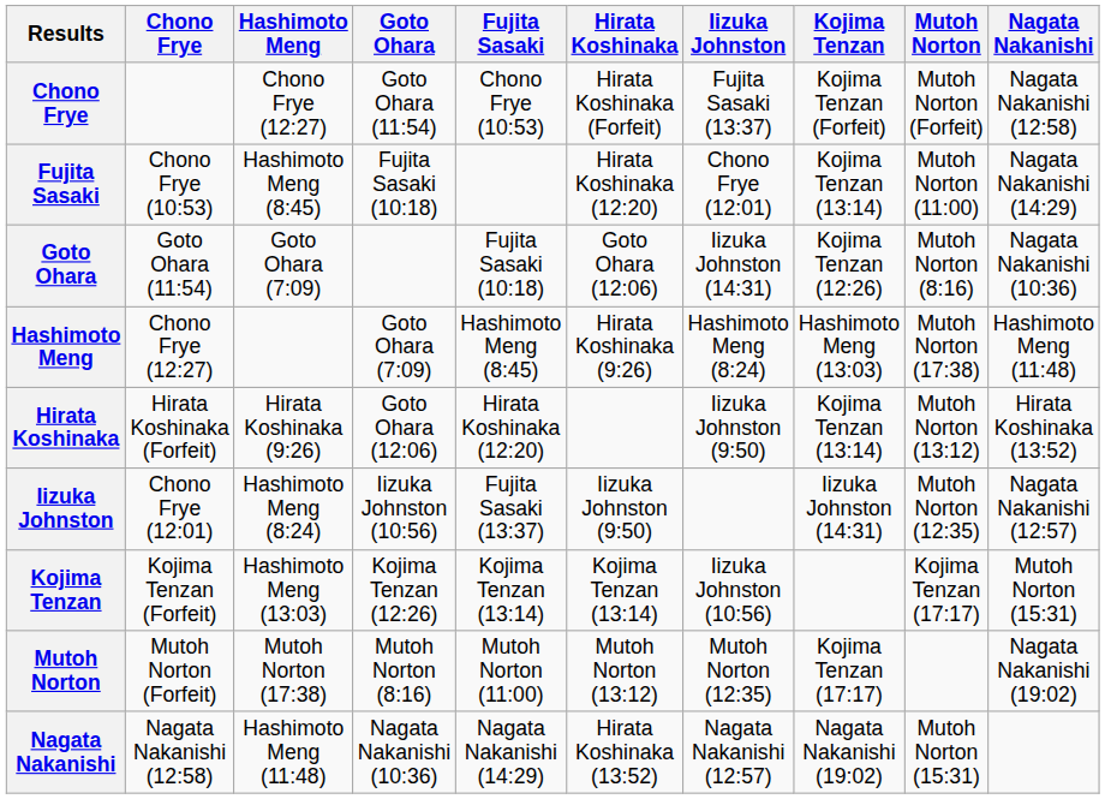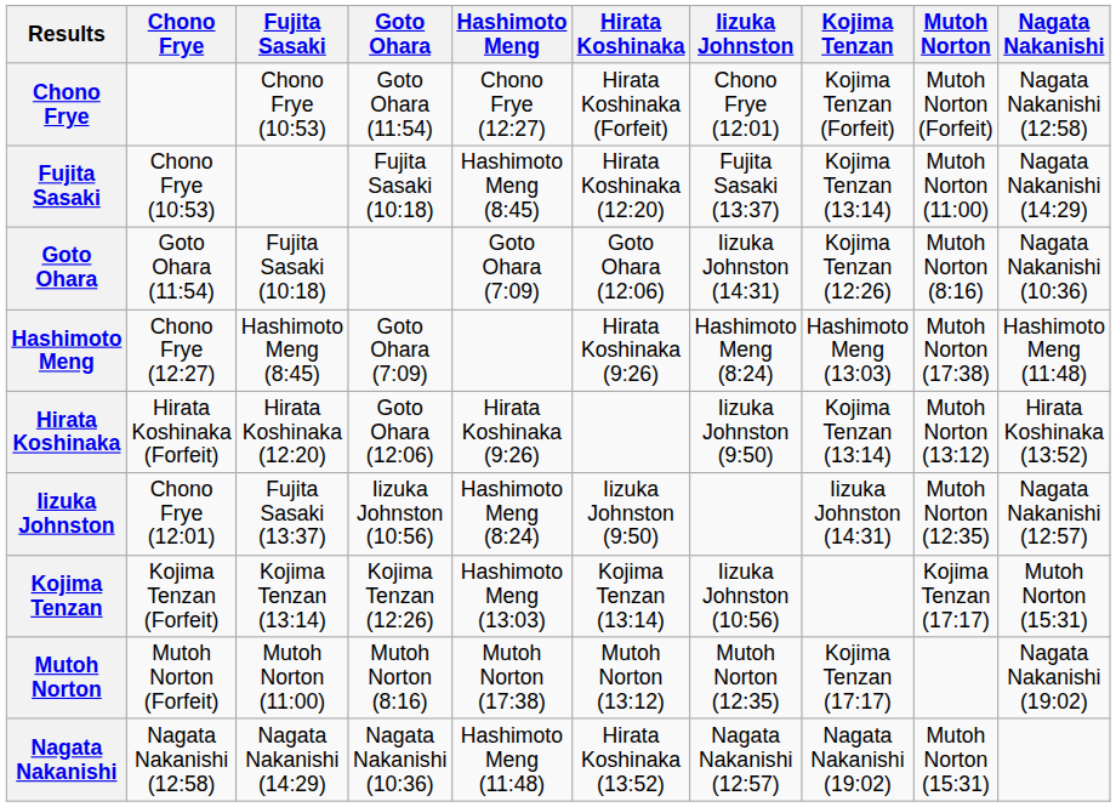 <table class="wikitable" style="text-align:center; margin: 1em auto 1em auto">
 <tr align="center">
 <th>Results</th>
 <th><a href='#'>Chono</a><br><a href='#'>Frye</a></th>
+<th><a href='#'>Fujita</a><br><a href='#'>Sasaki</a></th>
+<th><a href='#'>Goto</a><br><a href='#'>Ohara</a></th>
 <th><a href='#'>Hashimoto</a><br><a href='#'>Meng</a></th>
-<th><a href='#'>Goto</a><br><a href='#'>Ohara</a></th>
-<th><a href='#'>Fujita</a><br><a href='#'>Sasaki</a></th>
 <th><a href='#'>Hirata</a><br><a href='#'>Koshinaka</a></th>
 <th><a href='#'>Iizuka</a><br><a href='#'>Johnston</a></th>
 <th><a href='#'>Kojima</a><br><a href='#'>Tenzan</a></th>
 <th><a href='#'>Mutoh</a><br><a href='#'>Norton</a></th>
 <th><a href='#'>Nagata</a><br><a href='#'>Nakanishi</a></th>
 </tr>
 <tr align="center">
 <th><a href='#'>Chono</a><br><a href='#'>Frye</a></th>
 <td></td>
+<td>Chono<br>Frye<br>(10:53)</td>
+<td>Goto<br>Ohara<br>(11:54)</td>
 <td>Chono<br>Frye<br>(12:27)</td>
-<td>Goto<br>Ohara<br>(11:54)</td>
-<td>Chono<br>Frye<br>(10:53)</td>
 <td>Hirata<br>Koshinaka<br>(Forfeit)</td>
-<td>Fujita<br>Sasaki<br>(13:37)</td>
+<td>Chono<br>Frye<br>(12:01)</td>
 <td>Kojima<br>Tenzan<br>(Forfeit)</td>
 <td>Mutoh<br>Norton<br>(Forfeit)</td>
 <td>Nagata<br>Nakanishi<br>(12:58)</td>
 </tr>
 <tr align="center">
 <th><a href='#'>Fujita</a><br><a href='#'>Sasaki</a></th>
 <td>Chono<br>Frye<br>(10:53)</td>
+<td></td>
+<td>Fujita<br>Sasaki<br>(10:18)</td>
 <td>Hashimoto<br>Meng<br>(8:45)</td>
-<td>Fujita<br>Sasaki<br>(10:18)</td>
-<td></td>
 <td>Hirata<br>Koshinaka<br>(12:20)</td>
-<td>Chono<br>Frye<br>(12:01)</td>
+<td>Fujita<br>Sasaki<br>(13:37)</td>
 <td>Kojima<br>Tenzan<br>(13:14)</td>
 <td>Mutoh<br>Norton<br>(11:00)</td>
 <td>Nagata<br>Nakanishi<br>(14:29)</td>
 </tr>
 <tr align="center">
 <th><a href='#'>Goto</a><br><a href='#'>Ohara</a></th>
 <td>Goto<br>Ohara<br>(11:54)</td>
+<td>Fujita<br>Sasaki<br>(10:18)</td>
+<td></td>
 <td>Goto<br>Ohara<br>(7:09)</td>
-<td></td>
-<td>Fujita<br>Sasaki<br>(10:18)</td>
 <td>Goto<br>Ohara<br>(12:06)</td>
 <td>Iizuka<br>Johnston<br>(14:31)</td>
 <td>Kojima<br>Tenzan<br>(12:26)</td>
 <td>Mutoh<br>Norton<br>(8:16)</td>
 <td>Nagata<br>Nakanishi<br>(10:36)</td>
 </tr>
 <tr align="center">
 <th><a href='#'>Hashimoto</a><br><a href='#'>Meng</a></th>
 <td>Chono<br>Frye<br>(12:27)</td>
+<td>Hashimoto<br>Meng<br>(8:45)</td>
+<td>Goto<br>Ohara<br>(7:09)</td>
 <td></td>
-<td>Goto<br>Ohara<br>(7:09)</td>
-<td>Hashimoto<br>Meng<br>(8:45)</td>
 <td>Hirata<br>Koshinaka<br>(9:26)</td>
 <td>Hashimoto<br>Meng<br>(8:24)</td>
 <td>Hashimoto<br>Meng<br>(13:03)</td>
 <td>Mutoh<br>Norton<br>(17:38)</td>
 <td>Hashimoto<br>Meng<br>(11:48)</td>
 </tr>
 <tr align="center">
 <th><a href='#'>Hirata</a><br><a href='#'>Koshinaka</a></th>
 <td>Hirata<br>Koshinaka<br>(Forfeit)</td>
+<td>Hirata<br>Koshinaka<br>(12:20)</td>
+<td>Goto<br>Ohara<br>(12:06)</td>
 <td>Hirata<br>Koshinaka<br>(9:26)</td>
-<td>Goto<br>Ohara<br>(12:06)</td>
-<td>Hirata<br>Koshinaka<br>(12:20)</td>
 <td></td>
 <td>Iizuka<br>Johnston<br>(9:50)</td>
 <td>Kojima<br>Tenzan<br>(13:14)</td>
 <td>Mutoh<br>Norton<br>(13:12)</td>
 <td>Hirata<br>Koshinaka<br>(13:52)</td>
 </tr>
 <tr align="center">
 <th><a href='#'>Iizuka</a><br><a href='#'>Johnston</a></th>
 <td>Chono<br>Frye<br>(12:01)</td>
+<td>Fujita<br>Sasaki<br>(13:37)</td>
+<td>Iizuka<br>Johnston<br>(10:56)</td>
 <td>Hashimoto<br>Meng<br>(8:24)</td>
-<td>Iizuka<br>Johnston<br>(10:56)</td>
-<td>Fujita<br>Sasaki<br>(13:37)</td>
 <td>Iizuka<br>Johnston<br>(9:50)</td>
 <td></td>
 <td>Iizuka<br>Johnston<br>(14:31)</td>
 <td>Mutoh<br>Norton<br>(12:35)</td>
 <td>Nagata<br>Nakanishi<br>(12:57)</td>
 </tr>
 <tr align="center">
 <th><a href='#'>Kojima</a><br><a href='#'>Tenzan</a></th>
 <td>Kojima<br>Tenzan<br>(Forfeit)</td>
+<td>Kojima<br>Tenzan<br>(13:14)</td>
+<td>Kojima<br>Tenzan<br>(12:26)</td>
 <td>Hashimoto<br>Meng<br>(13:03)</td>
-<td>Kojima<br>Tenzan<br>(12:26)</td>
-<td>Kojima<br>Tenzan<br>(13:14)</td>
 <td>Kojima<br>Tenzan<br>(13:14)</td>
 <td>Iizuka<br>Johnston<br>(10:56)</td>
 <td></td>
 <td>Kojima<br>Tenzan<br>(17:17)</td>
 <td>Mutoh<br>Norton<br>(15:31)</td>
 </tr>
 <tr align="center">
 <th><a href='#'>Mutoh</a><br><a href='#'>Norton</a></th>
 <td>Mutoh<br>Norton<br>(Forfeit)</td>
+<td>Mutoh<br>Norton<br>(11:00)</td>
+<td>Mutoh<br>Norton<br>(8:16)</td>
 <td>Mutoh<br>Norton<br>(17:38)</td>
-<td>Mutoh<br>Norton<br>(8:16)</td>
-<td>Mutoh<br>Norton<br>(11:00)</td>
 <td>Mutoh<br>Norton<br>(13:12)</td>
 <td>Mutoh<br>Norton<br>(12:35)</td>
 <td>Kojima<br>Tenzan<br>(17:17)</td>
 <td></td>
 <td>Nagata<br>Nakanishi<br>(19:02)</td>
 </tr>
 <tr align="center">
 <th><a href='#'>Nagata</a><br><a href='#'>Nakanishi</a></th>
 <td>Nagata<br>Nakanishi<br>(12:58)</td>
+<td>Nagata<br>Nakanishi<br>(14:29)</td>
+<td>Nagata<br>Nakanishi<br>(10:36)</td>
 <td>Hashimoto<br>Meng<br>(11:48)</td>
-<td>Nagata<br>Nakanishi<br>(10:36)</td>
-<td>Nagata<br>Nakanishi<br>(14:29)</td>
 <td>Hirata<br>Koshinaka<br>(13:52)</td>
 <td>Nagata<br>Nakanishi<br>(12:57)</td>
 <td>Nagata<br>Nakanishi<br>(19:02)</td>
 <td>Mutoh<br>Norton<br>(15:31)</td>
 <td></td>
 </tr>
 </table>
